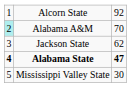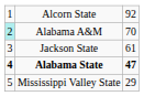 <table class="wikitable" style="display: inline-table;">
 <tr align="center">
 <td>1</td>
 <td>Alcorn State</td>
 <td>92</td>
 </tr>
 <tr align="center">
 <td style="background: paleturquoise;">2</td>
 <td>Alabama A&M</td>
 <td>70</td>
 </tr>
 <tr align="center">
 <td>3</td>
 <td>Jackson State</td>
-<td>62</td>
+<td>61</td>
 </tr>
 <tr align="center">
 <td><strong>4</strong></td>
 <td><strong>Alabama State</strong></td>
 <td><strong>47</strong></td>
 </tr>
 <tr align="center">
 <td>5</td>
 <td>Mississippi Valley State</td>
-<td>30</td>
+<td>29</td>
 </tr>
 </table>
